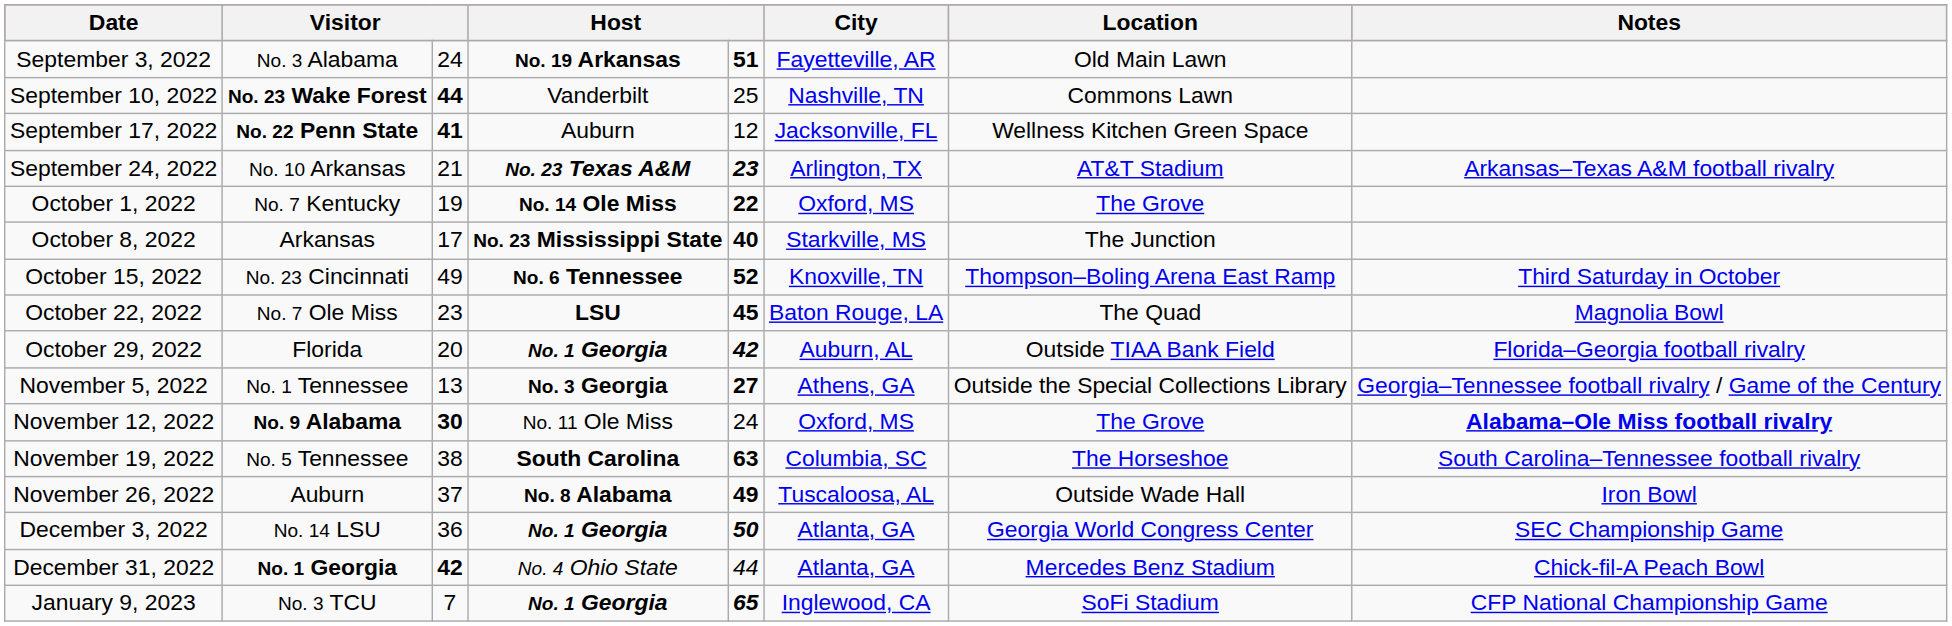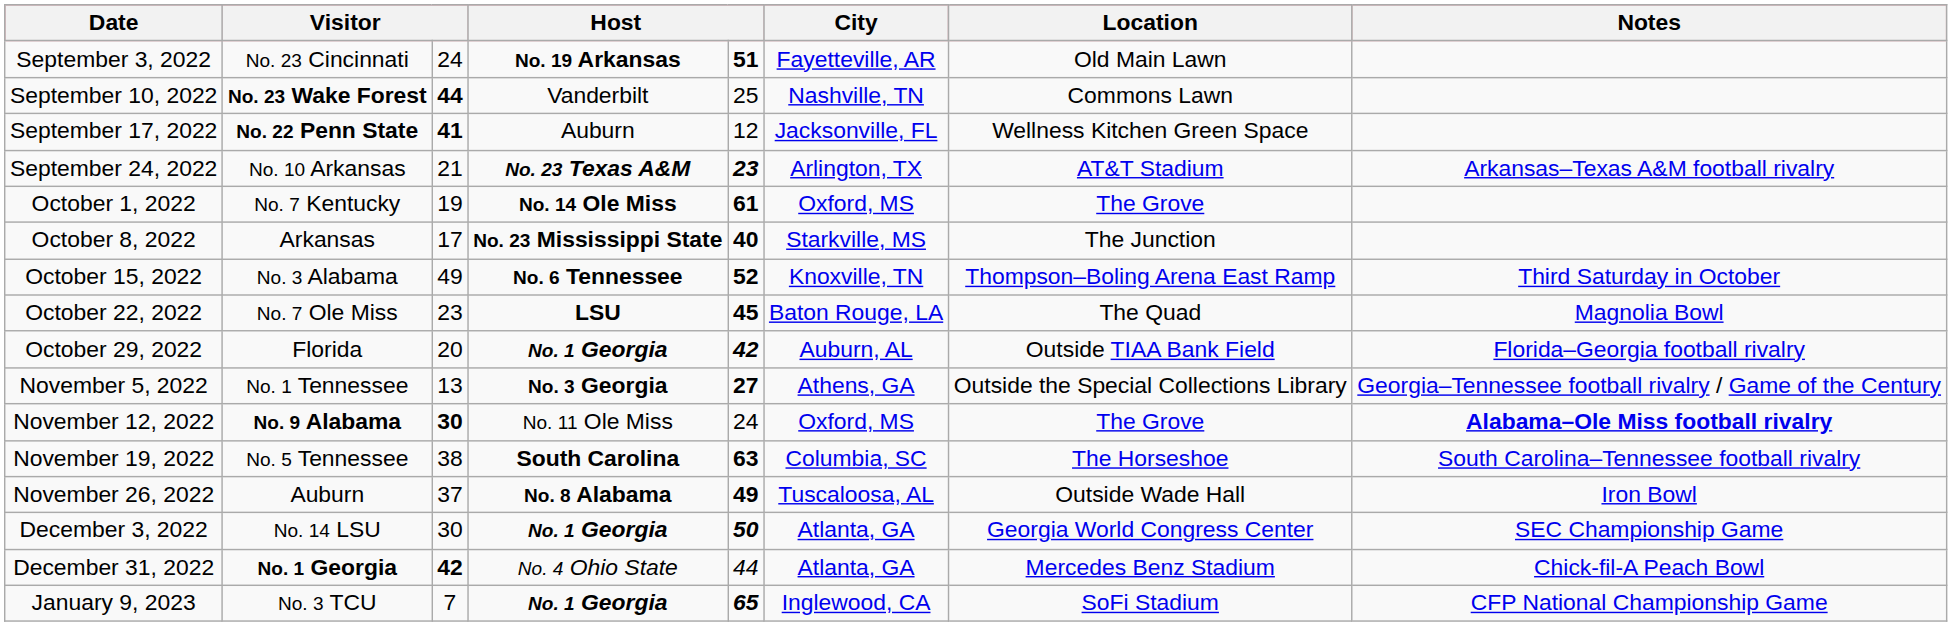 <table class="wikitable" style="text-align:center">
 <tr style="background:#A32638;"|>
 <th>Date</th>
 <th colspan=2>Visitor</th>
 <th colspan=2>Host</th>
 <th>City</th>
 <th>Location</th>
 <th>Notes</th>
 </tr>
 <tr>
 <td>September 3, 2022</td>
-<td><small>No. 3</small> Alabama</td>
+<td><small>No. 23</small> Cincinnati</td>
 <td>24</td>
 <td><strong><small>No. 19</small> Arkansas</strong></td>
 <td><strong>51</strong></td>
 <td><a href='#'>Fayetteville, AR</a></td>
 <td>Old Main Lawn</td>
 <td></td>
 </tr>
 <tr>
 <td>September 10, 2022</td>
 <td><strong><small>No. 23</small> Wake Forest</strong></td>
 <td><strong>44</strong></td>
 <td>Vanderbilt</td>
 <td>25</td>
 <td><a href='#'>Nashville, TN</a></td>
 <td>Commons Lawn</td>
 <td></td>
 </tr>
 <tr>
 <td>September 17, 2022</td>
 <td><strong><small>No. 22</small> Penn State</strong></td>
 <td><strong>41</strong></td>
 <td>Auburn</td>
 <td>12</td>
 <td><a href='#'>Jacksonville, FL</a></td>
 <td>Wellness Kitchen Green Space</td>
 <td></td>
 </tr>
 <tr>
 <td>September 24, 2022</td>
 <td><small>No. 10</small> Arkansas</td>
 <td>21</td>
 <td><strong><em><small>No. 23</small> Texas A&M</em></strong></td>
 <td><strong><em>23</em></strong></td>
 <td><a href='#'>Arlington, TX</a></td>
 <td><a href='#'>AT&T Stadium</a></td>
 <td><a href='#'>Arkansas–Texas A&M football rivalry</a></td>
 </tr>
 <tr>
 <td>October 1, 2022</td>
 <td><small>No. 7</small> Kentucky</td>
 <td>19</td>
 <td><strong><small>No. 14</small> Ole Miss</strong></td>
-<td><strong>22</strong></td>
+<td><strong>61</strong></td>
 <td><a href='#'>Oxford, MS</a></td>
 <td><a href='#'>The Grove</a></td>
 <td></td>
 </tr>
 <tr>
 <td>October 8, 2022</td>
 <td>Arkansas</td>
 <td>17</td>
 <td><strong><small>No. 23</small> Mississippi State</strong></td>
 <td><strong>40</strong></td>
 <td><a href='#'>Starkville, MS</a></td>
 <td>The Junction</td>
 <td></td>
 </tr>
 <tr>
 <td>October 15, 2022</td>
-<td><small>No. 23</small> Cincinnati</td>
+<td><small>No. 3</small> Alabama</td>
 <td>49</td>
 <td><strong><small>No. 6</small> Tennessee</strong></td>
 <td><strong>52</strong></td>
 <td><a href='#'>Knoxville, TN</a></td>
 <td><a href='#'>Thompson–Boling Arena East Ramp</a></td>
 <td><a href='#'>Third Saturday in October</a></td>
 </tr>
 <tr>
 <td>October 22, 2022</td>
 <td><small>No. 7</small> Ole Miss</td>
 <td>23</td>
 <td><strong>LSU</strong></td>
 <td><strong>45</strong></td>
 <td><a href='#'>Baton Rouge, LA</a></td>
 <td>The Quad</td>
 <td><a href='#'>Magnolia Bowl</a></td>
 </tr>
 <tr>
 <td>October 29, 2022</td>
 <td>Florida</td>
 <td>20</td>
 <td><strong><em><small>No. 1</small> Georgia</em></strong></td>
 <td><strong><em>42</em></strong></td>
 <td><a href='#'>Auburn, AL</a></td>
 <td>Outside <a href='#'>TIAA Bank Field</a></td>
 <td><a href='#'>Florida–Georgia football rivalry</a></td>
 </tr>
 <tr>
 <td>November 5, 2022</td>
 <td><small>No. 1</small> Tennessee</td>
 <td>13</td>
 <td><strong><small>No. 3</small> Georgia</strong></td>
 <td><strong>27</strong></td>
 <td><a href='#'>Athens, GA</a></td>
 <td>Outside the Special Collections Library</td>
 <td><a href='#'>Georgia–Tennessee football rivalry</a> / <a href='#'>Game of the Century</a></td>
 </tr>
 <tr>
 <td>November 12, 2022</td>
 <td><strong><small>No. 9</small> Alabama</strong></td>
 <td><strong>30</strong></td>
 <td><small>No. 11</small> Ole Miss</td>
 <td>24</td>
 <td><a href='#'>Oxford, MS</a></td>
 <td><a href='#'>The Grove</a></td>
 <td><strong><a href='#'>Alabama–Ole Miss football rivalry</a></strong></td>
 </tr>
 <tr>
 <td>November 19, 2022</td>
 <td><small>No. 5</small> Tennessee</td>
 <td>38</td>
 <td><strong>South Carolina</strong></td>
 <td><strong>63</strong></td>
 <td><a href='#'>Columbia, SC</a></td>
 <td><a href='#'>The Horseshoe</a></td>
 <td><a href='#'>South Carolina–Tennessee football rivalry</a></td>
 </tr>
 <tr>
 <td>November 26, 2022</td>
 <td>Auburn</td>
 <td>37</td>
 <td><strong><small>No. 8</small> Alabama</strong></td>
 <td><strong>49</strong></td>
 <td><a href='#'>Tuscaloosa, AL</a></td>
 <td>Outside Wade Hall</td>
 <td><a href='#'>Iron Bowl</a></td>
 </tr>
 <tr>
 <td>December 3, 2022</td>
 <td><small>No. 14</small> LSU</td>
-<td>36</td>
+<td>30</td>
 <td><strong><em><small>No. 1</small> Georgia</em></strong></td>
 <td><strong><em>50</em></strong></td>
 <td><a href='#'>Atlanta, GA</a></td>
 <td><a href='#'>Georgia World Congress Center</a></td>
 <td><a href='#'>SEC Championship Game</a></td>
 </tr>
 <tr>
 <td>December 31, 2022</td>
 <td><strong><small>No. 1</small> Georgia</strong></td>
 <td><strong>42</strong></td>
 <td><em><small>No. 4</small> Ohio State</em></td>
 <td><em>44</em></td>
 <td><a href='#'>Atlanta, GA</a></td>
 <td><a href='#'>Mercedes Benz Stadium</a></td>
 <td><a href='#'>Chick-fil-A Peach Bowl</a></td>
 </tr>
 <tr>
 <td>January 9, 2023</td>
 <td><small>No. 3</small> TCU</td>
 <td>7</td>
 <td><strong><em><small>No. 1</small> Georgia</em></strong></td>
 <td><strong><em>65</em></strong></td>
 <td><a href='#'>Inglewood, CA</a></td>
 <td><a href='#'>SoFi Stadium</a></td>
 <td><a href='#'>CFP National Championship Game</a></td>
 </tr>
 </table>
